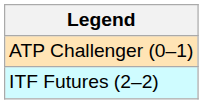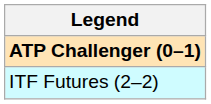 <table class=wikitable style=font-size:97%>
 <tr>
 <th>Legend</th>
 </tr>
 <tr bgcolor=moccasin>
-<td>ATP Challenger (0–1)</td>
+<td><strong>ATP Challenger (0–1)</strong></td>
 </tr>
 <tr bgcolor=cffcff>
 <td>ITF Futures (2–2)</td>
 </tr>
 </table>
